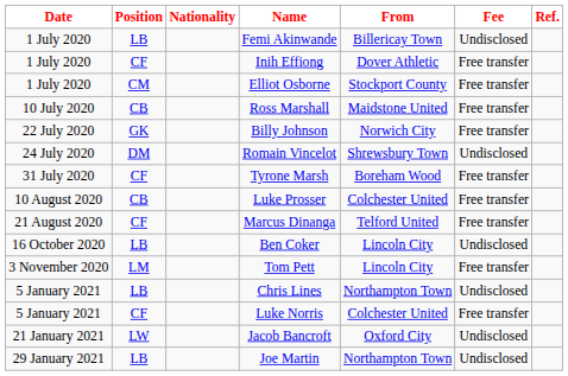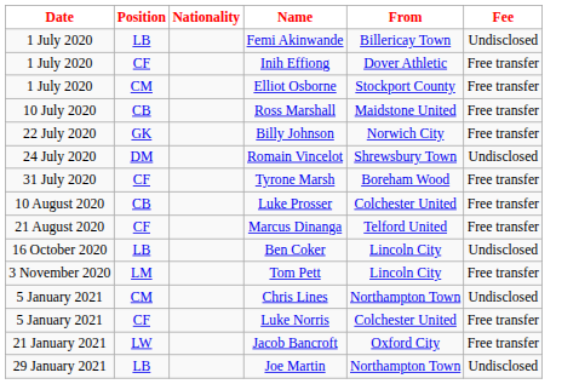 <table class="wikitable"  style="text-align:center; font-size:90%; ">
 <tr>
 <th style="background:white; color:red; ">Date</th>
 <th style="background:white; color:red; ">Position</th>
 <th style="background:white; color:red; ">Nationality</th>
 <th style="background:white; color:red; ">Name</th>
 <th style="background:white; color:red; ">From</th>
 <th style="background:white; color:red; ">Fee</th>
-<th style="background:white; color:red; ">Ref.</th>
 </tr>
 <tr>
 <td>1 July 2020</td>
 <td><a href='#'>LB</a></td>
 <td></td>
 <td><a href='#'>Femi Akinwande</a></td>
 <td> <a href='#'>Billericay Town</a></td>
 <td>Undisclosed</td>
-<td></td>
 </tr>
 <tr>
 <td>1 July 2020</td>
 <td><a href='#'>CF</a></td>
 <td></td>
 <td><a href='#'>Inih Effiong</a></td>
 <td> <a href='#'>Dover Athletic</a></td>
 <td>Free transfer</td>
-<td></td>
 </tr>
 <tr>
 <td>1 July 2020</td>
 <td><a href='#'>CM</a></td>
 <td></td>
 <td><a href='#'>Elliot Osborne</a></td>
 <td> <a href='#'>Stockport County</a></td>
 <td>Free transfer</td>
-<td></td>
 </tr>
 <tr>
 <td>10 July 2020</td>
 <td><a href='#'>CB</a></td>
 <td></td>
 <td><a href='#'>Ross Marshall</a></td>
 <td> <a href='#'>Maidstone United</a></td>
 <td>Free transfer</td>
-<td></td>
 </tr>
 <tr>
 <td>22 July 2020</td>
 <td><a href='#'>GK</a></td>
 <td></td>
 <td><a href='#'>Billy Johnson</a></td>
 <td> <a href='#'>Norwich City</a></td>
 <td>Free transfer</td>
-<td></td>
 </tr>
 <tr>
 <td>24 July 2020</td>
 <td><a href='#'>DM</a></td>
 <td></td>
 <td><a href='#'>Romain Vincelot</a></td>
 <td> <a href='#'>Shrewsbury Town</a></td>
 <td>Undisclosed</td>
-<td></td>
 </tr>
 <tr>
 <td>31 July 2020</td>
 <td><a href='#'>CF</a></td>
 <td></td>
 <td><a href='#'>Tyrone Marsh</a></td>
 <td> <a href='#'>Boreham Wood</a></td>
 <td>Free transfer</td>
-<td></td>
 </tr>
 <tr>
 <td>10 August 2020</td>
 <td><a href='#'>CB</a></td>
 <td></td>
 <td><a href='#'>Luke Prosser</a></td>
 <td> <a href='#'>Colchester United</a></td>
 <td>Free transfer</td>
-<td></td>
 </tr>
 <tr>
 <td>21 August 2020</td>
 <td><a href='#'>CF</a></td>
 <td></td>
 <td><a href='#'>Marcus Dinanga</a></td>
 <td> <a href='#'>Telford United</a></td>
 <td>Free transfer</td>
-<td></td>
 </tr>
 <tr>
 <td>16 October 2020</td>
 <td><a href='#'>LB</a></td>
 <td></td>
 <td><a href='#'>Ben Coker</a></td>
 <td> <a href='#'>Lincoln City</a></td>
 <td>Undisclosed</td>
-<td></td>
 </tr>
 <tr>
 <td>3 November 2020</td>
 <td><a href='#'>LM</a></td>
 <td></td>
 <td><a href='#'>Tom Pett</a></td>
 <td> <a href='#'>Lincoln City</a></td>
 <td>Free transfer</td>
-<td></td>
 </tr>
 <tr>
 <td>5 January 2021</td>
-<td><a href='#'>LB</a></td>
+<td><a href='#'>CM</a></td>
 <td></td>
 <td><a href='#'>Chris Lines</a></td>
 <td> <a href='#'>Northampton Town</a></td>
 <td>Undisclosed</td>
-<td></td>
 </tr>
 <tr>
 <td>5 January 2021</td>
 <td><a href='#'>CF</a></td>
 <td></td>
 <td><a href='#'>Luke Norris</a></td>
 <td> <a href='#'>Colchester United</a></td>
 <td>Free transfer</td>
-<td></td>
 </tr>
 <tr>
 <td>21 January 2021</td>
 <td><a href='#'>LW</a></td>
 <td></td>
 <td><a href='#'>Jacob Bancroft</a></td>
 <td> <a href='#'>Oxford City</a></td>
-<td>Undisclosed</td>
-<td></td>
+<td>Free transfer</td>
 </tr>
 <tr>
 <td>29 January 2021</td>
 <td><a href='#'>LB</a></td>
 <td></td>
 <td><a href='#'>Joe Martin</a></td>
 <td> <a href='#'>Northampton Town</a></td>
 <td>Undisclosed</td>
-<td></td>
 </tr>
 </table>
